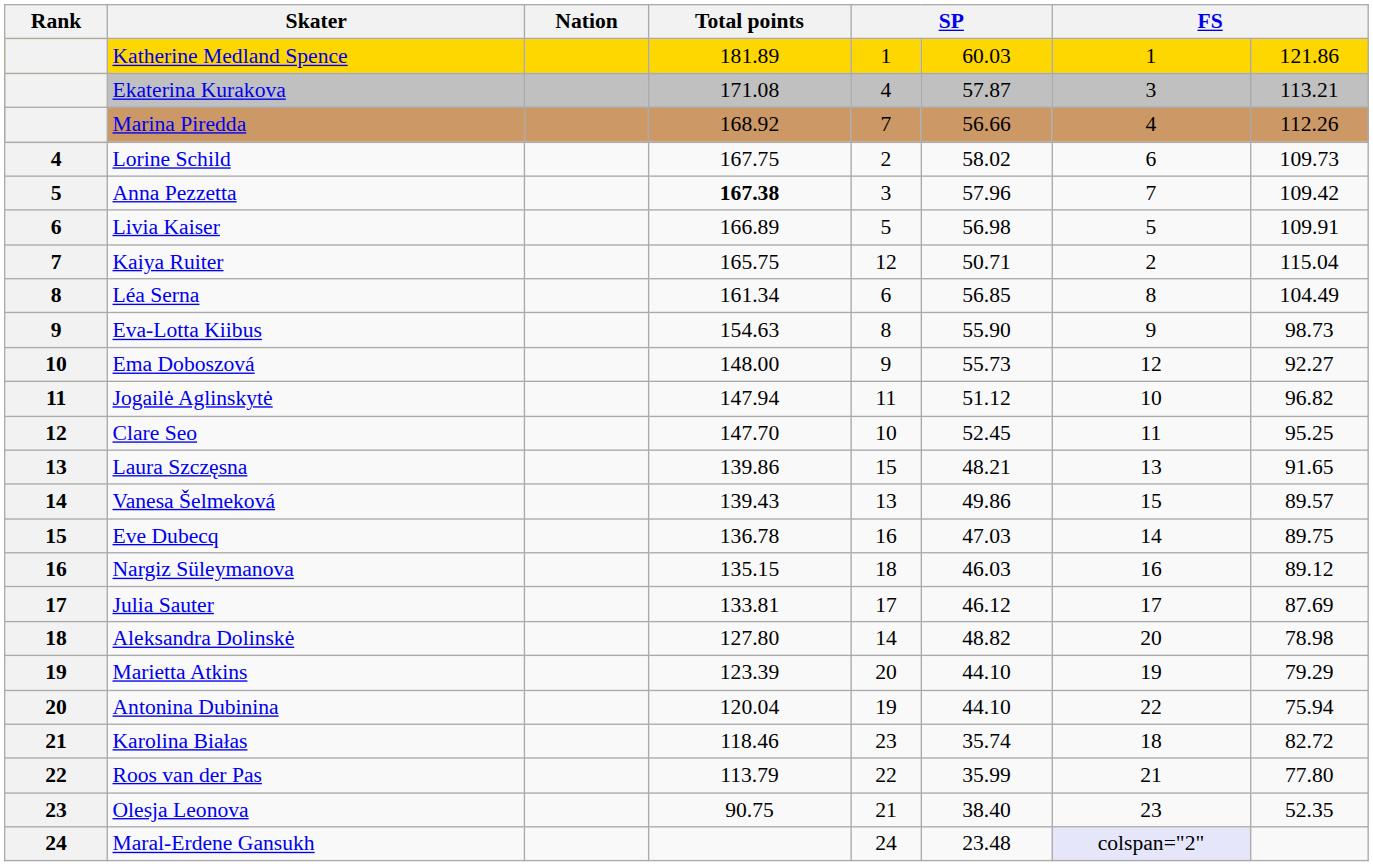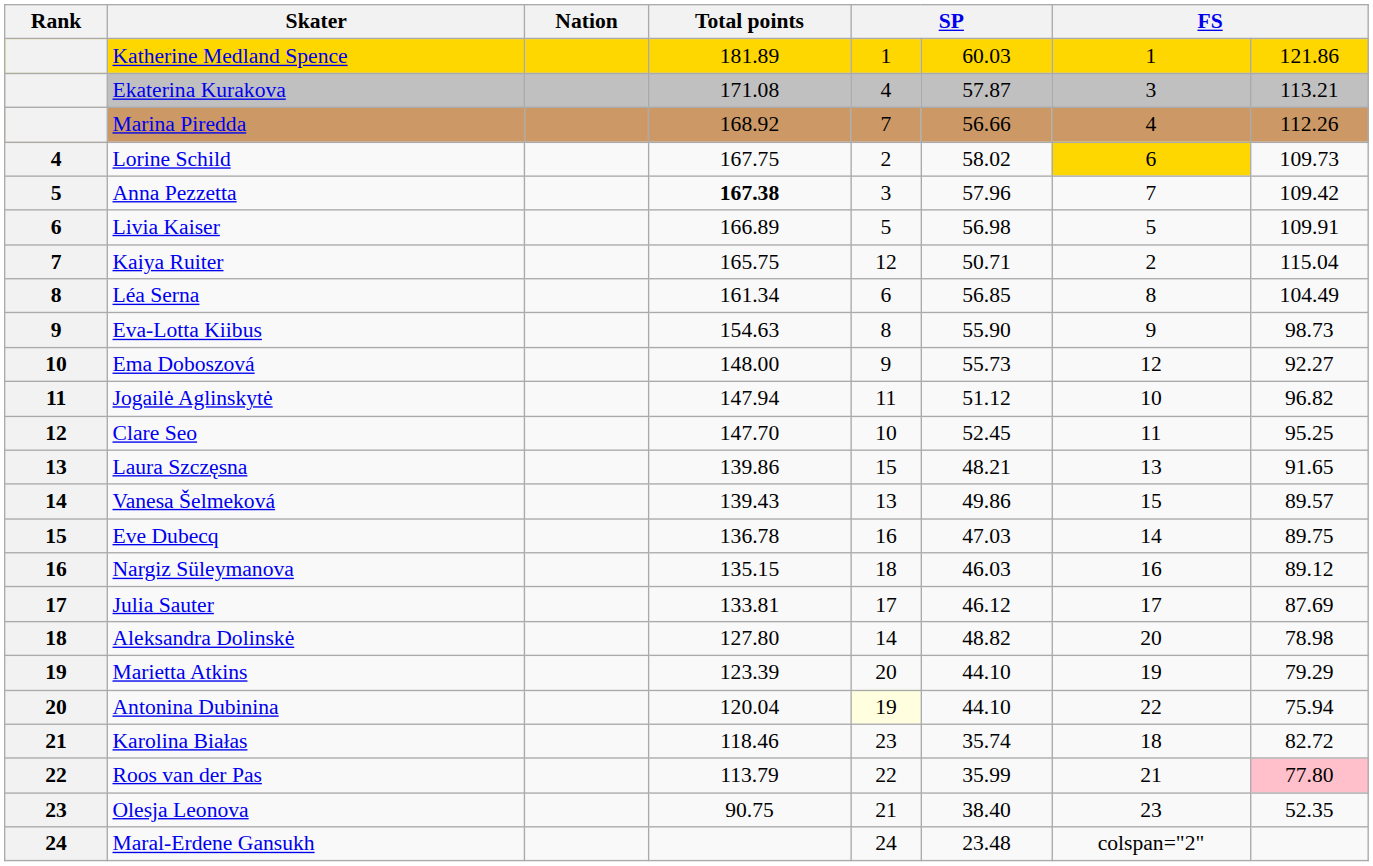 <table class="wikitable sortable" style="text-align:center;" width="80%">
 <tr>
 <th scope="col">Rank</th>
 <th scope="col">Skater</th>
 <th scope="col">Nation</th>
 <th scope="col">Total points</th>
 <th scope="col" colspan="2" width="80px"><a href='#'>SP</a></th>
 <th scope="col" colspan="2" width="80px"><a href='#'>FS</a></th>
 </tr>
 <tr bgcolor="gold">
 <th scope="row"></th>
 <td align="left"><a href='#'>Katherine Medland Spence</a></td>
 <td align="left"></td>
 <td>181.89</td>
 <td>1</td>
 <td>60.03</td>
 <td>1</td>
 <td>121.86</td>
 </tr>
 <tr bgcolor="silver">
 <th scope="row"></th>
 <td align="left"><a href='#'>Ekaterina Kurakova</a></td>
 <td align="left"></td>
 <td>171.08</td>
 <td>4</td>
 <td>57.87</td>
 <td>3</td>
 <td>113.21</td>
 </tr>
 <tr bgcolor="cc9966">
 <th scope="row"></th>
 <td align="left"><a href='#'>Marina Piredda</a></td>
 <td align="left"></td>
 <td>168.92</td>
 <td>7</td>
 <td>56.66</td>
 <td>4</td>
 <td>112.26</td>
 </tr>
 <tr>
 <th scope="row">4</th>
 <td align="left"><a href='#'>Lorine Schild</a></td>
 <td align="left"></td>
 <td>167.75</td>
 <td>2</td>
 <td>58.02</td>
-<td>6</td>
+<td style="background: gold;">6</td>
 <td>109.73</td>
 </tr>
 <tr>
 <th scope="row">5</th>
 <td align="left"><a href='#'>Anna Pezzetta</a></td>
 <td align="left"></td>
 <td><strong>167.38</strong></td>
 <td>3</td>
 <td>57.96</td>
 <td>7</td>
 <td>109.42</td>
 </tr>
 <tr>
 <th scope="row">6</th>
 <td align="left"><a href='#'>Livia Kaiser</a></td>
 <td align="left"></td>
 <td>166.89</td>
 <td>5</td>
 <td>56.98</td>
 <td>5</td>
 <td>109.91</td>
 </tr>
 <tr>
 <th scope="row">7</th>
 <td align="left"><a href='#'>Kaiya Ruiter</a></td>
 <td align="left"></td>
 <td>165.75</td>
 <td>12</td>
 <td>50.71</td>
 <td>2</td>
 <td>115.04</td>
 </tr>
 <tr>
 <th scope="row">8</th>
 <td align="left"><a href='#'>Léa Serna</a></td>
 <td align="left"></td>
 <td>161.34</td>
 <td>6</td>
 <td>56.85</td>
 <td>8</td>
 <td>104.49</td>
 </tr>
 <tr>
 <th scope="row">9</th>
 <td align="left"><a href='#'>Eva-Lotta Kiibus</a></td>
 <td align="left"></td>
 <td>154.63</td>
 <td>8</td>
 <td>55.90</td>
 <td>9</td>
 <td>98.73</td>
 </tr>
 <tr>
 <th scope="row">10</th>
 <td align="left"><a href='#'>Ema Doboszová</a></td>
 <td align="left"></td>
 <td>148.00</td>
 <td>9</td>
 <td>55.73</td>
 <td>12</td>
 <td>92.27</td>
 </tr>
 <tr>
 <th scope="row">11</th>
 <td align="left"><a href='#'>Jogailė Aglinskytė</a></td>
 <td align="left"></td>
 <td>147.94</td>
 <td>11</td>
 <td>51.12</td>
 <td>10</td>
 <td>96.82</td>
 </tr>
 <tr>
 <th scope="row">12</th>
 <td align="left"><a href='#'>Clare Seo</a></td>
 <td align="left"></td>
 <td>147.70</td>
 <td>10</td>
 <td>52.45</td>
 <td>11</td>
 <td>95.25</td>
 </tr>
 <tr>
 <th scope="row">13</th>
 <td align="left"><a href='#'>Laura Szczęsna</a></td>
 <td align="left"></td>
 <td>139.86</td>
 <td>15</td>
 <td>48.21</td>
 <td>13</td>
 <td>91.65</td>
 </tr>
 <tr>
 <th scope="row">14</th>
 <td align="left"><a href='#'>Vanesa Šelmeková</a></td>
 <td align="left"></td>
 <td>139.43</td>
 <td>13</td>
 <td>49.86</td>
 <td>15</td>
 <td>89.57</td>
 </tr>
 <tr>
 <th scope="row">15</th>
 <td align="left"><a href='#'>Eve Dubecq</a></td>
 <td align="left"></td>
 <td>136.78</td>
 <td>16</td>
 <td>47.03</td>
 <td>14</td>
 <td>89.75</td>
 </tr>
 <tr>
 <th scope="row">16</th>
 <td align="left"><a href='#'>Nargiz Süleymanova</a></td>
 <td align="left"></td>
 <td>135.15</td>
 <td>18</td>
 <td>46.03</td>
 <td>16</td>
 <td>89.12</td>
 </tr>
 <tr>
 <th scope="row">17</th>
 <td align="left"><a href='#'>Julia Sauter</a></td>
 <td align="left"></td>
 <td>133.81</td>
 <td>17</td>
 <td>46.12</td>
 <td>17</td>
 <td>87.69</td>
 </tr>
 <tr>
 <th scope="row">18</th>
 <td align="left"><a href='#'>Aleksandra Dolinskė</a></td>
 <td align="left"></td>
 <td>127.80</td>
 <td>14</td>
 <td>48.82</td>
 <td>20</td>
 <td>78.98</td>
 </tr>
 <tr>
 <th scope="row">19</th>
 <td align="left"><a href='#'>Marietta Atkins</a></td>
 <td align="left"></td>
 <td>123.39</td>
 <td>20</td>
 <td>44.10</td>
 <td>19</td>
 <td>79.29</td>
 </tr>
 <tr>
 <th scope="row">20</th>
 <td align="left"><a href='#'>Antonina Dubinina</a></td>
 <td align="left"></td>
 <td>120.04</td>
-<td>19</td>
+<td style="background: lightyellow;">19</td>
 <td>44.10</td>
 <td>22</td>
 <td>75.94</td>
 </tr>
 <tr>
 <th scope="row">21</th>
 <td align="left"><a href='#'>Karolina Białas</a></td>
 <td align="left"></td>
 <td>118.46</td>
 <td>23</td>
 <td>35.74</td>
 <td>18</td>
 <td>82.72</td>
 </tr>
 <tr>
 <th scope="row">22</th>
 <td align="left"><a href='#'>Roos van der Pas</a></td>
 <td align="left"></td>
 <td>113.79</td>
 <td>22</td>
 <td>35.99</td>
 <td>21</td>
-<td>77.80</td>
+<td style="background: pink;">77.80</td>
 </tr>
 <tr>
 <th scope="row">23</th>
 <td align="left"><a href='#'>Olesja Leonova</a></td>
 <td align="left"></td>
 <td>90.75</td>
 <td>21</td>
 <td>38.40</td>
 <td>23</td>
 <td>52.35</td>
 </tr>
 <tr>
 <th scope="row">24</th>
 <td align="left"><a href='#'>Maral-Erdene Gansukh</a></td>
 <td align="left"></td>
 <td></td>
 <td>24</td>
 <td>23.48</td>
-<td style="background: lavender;">colspan="2" </td>
+<td>colspan="2" </td>
 </tr>
 </table>
